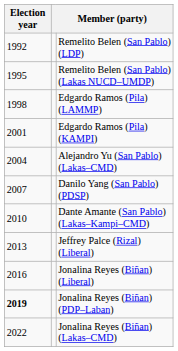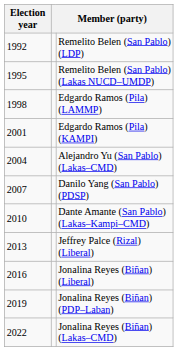 <table class="wikitable" style="font-size:90%">
 <tr>
 <th width="60px">Election<br>year</th>
 <th colspan="2" width="140px">Member (party)</th>
 </tr>
 <tr>
 <td>1992</td>
 <td></td>
 <td>Remelito Belen (<a href='#'>San Pablo</a>)<br>(<a href='#'>LDP</a>)</td>
 </tr>
 <tr>
 <td>1995</td>
 <td></td>
 <td>Remelito Belen (<a href='#'>San Pablo</a>)<br>(<a href='#'>Lakas NUCD–UMDP</a>)</td>
 </tr>
 <tr>
 <td>1998</td>
 <td></td>
 <td>Edgardo Ramos (<a href='#'>Pila</a>)<br>(<a href='#'>LAMMP</a>)</td>
 </tr>
 <tr>
 <td>2001</td>
 <td></td>
 <td>Edgardo Ramos (<a href='#'>Pila</a>)<br>(<a href='#'>KAMPI</a>)</td>
 </tr>
 <tr>
 <td>2004</td>
 <td></td>
 <td>Alejandro Yu (<a href='#'>San Pablo</a>)<br>(<a href='#'>Lakas–CMD</a>)</td>
 </tr>
 <tr>
 <td>2007</td>
 <td></td>
 <td>Danilo Yang (<a href='#'>San Pablo</a>)<br>(<a href='#'>PDSP</a>)</td>
 </tr>
 <tr>
 <td>2010</td>
 <td></td>
 <td>Dante Amante (<a href='#'>San Pablo</a>)<br>(<a href='#'>Lakas–Kampi–CMD</a>)</td>
 </tr>
 <tr>
 <td>2013</td>
 <td></td>
 <td>Jeffrey Palce (<a href='#'>Rizal</a>)<br>(<a href='#'>Liberal</a>)</td>
 </tr>
 <tr>
 <td>2016</td>
 <td></td>
 <td>Jonalina Reyes (<a href='#'>Biñan</a>)<br>(<a href='#'>Liberal</a>)</td>
 </tr>
 <tr>
-<td><strong>2019</strong></td>
+<td>2019</td>
 <td></td>
 <td>Jonalina Reyes (<a href='#'>Biñan</a>)<br>(<a href='#'>PDP–Laban</a>)</td>
 </tr>
 <tr>
 <td>2022</td>
 <td></td>
 <td>Jonalina Reyes (<a href='#'>Biñan</a>)<br>(<a href='#'>Lakas–CMD</a>)</td>
 </tr>
 </table>
